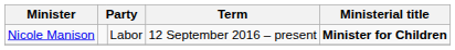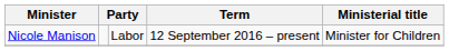 <table class="sortable wikitable">
 <tr>
 <th>Minister</th>
 <th colspan=2>Party</th>
 <th>Term </th>
 <th>Ministerial title</th>
 </tr>
 <tr>
 <td><a href='#'>Nicole Manison</a></td>
 <td> </td>
 <td>Labor</td>
 <td>12 September 2016 – present</td>
-<td><strong>Minister for Children</strong></td>
+<td>Minister for Children</td>
 </tr>
 <tr>
 </tr>
 </table>
